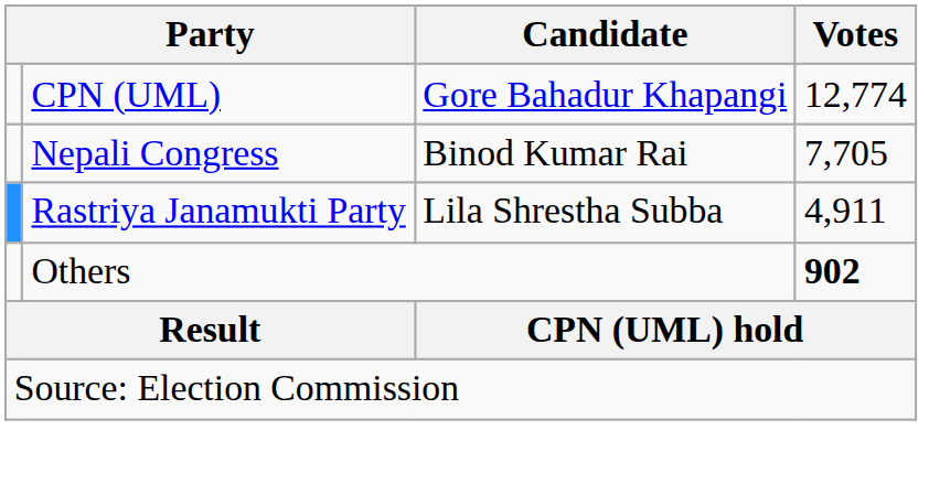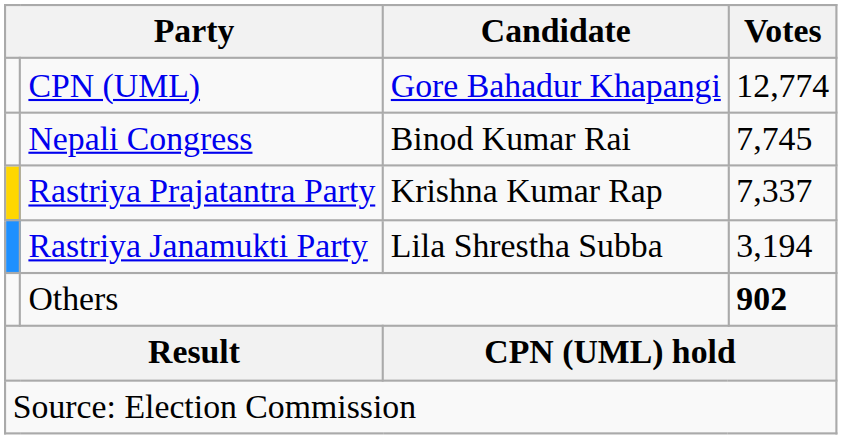 <table class="wikitable">
 <tr>
 <th colspan="2">Party</th>
 <th>Candidate</th>
 <th>Votes</th>
 </tr>
 <tr>
 <td style="background-color:"></td>
 <td><a href='#'>CPN (UML)</a></td>
 <td><a href='#'>Gore Bahadur Khapangi</a></td>
 <td>12,774</td>
 </tr>
 <tr>
 <td style="background-color:"></td>
 <td><a href='#'>Nepali Congress</a></td>
 <td>Binod Kumar Rai</td>
-<td>7,705</td>
+<td>7,745</td>
+</tr>
+<tr>
+<td style="background-color:gold"></td>
+<td><a href='#'>Rastriya Prajatantra Party</a></td>
+<td>Krishna Kumar Rap</td>
+<td>7,337</td>
 </tr>
 <tr>
 <td style="background-color:dodgerblue"></td>
 <td><a href='#'>Rastriya Janamukti Party</a></td>
 <td>Lila Shrestha Subba</td>
-<td>4,911</td>
+<td>3,194</td>
 </tr>
 <tr>
 <td></td>
 <td colspan="2">Others</td>
 <td><strong>902</strong></td>
 </tr>
 <tr>
 <th colspan="2">Result</th>
 <th colspan="2">CPN (UML) hold</th>
 </tr>
 <tr>
 <td colspan="4">Source: Election Commission</td>
 </tr>
 </table>
